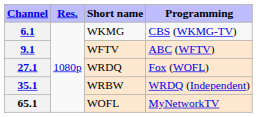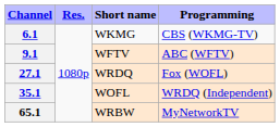 <table class="wikitable">
 <tr>
 <th style="background-color: #bdbdff" scope = "col"><a href='#'>Channel</a></th>
 <th style="background-color: #bdbdff" scope = "col"><a href='#'>Res.</a></th>
 <th style="background-color: #bdbdff" scope = "col">Short name</th>
 <th style="background-color: #bdbdff" scope = "col">Programming</th>
 </tr>
 <tr>
 <th scope = "row"><a href='#'>6.1</a></th>
 <td rowspan=5><a href='#'>1080p</a></td>
 <td>WKMG</td>
 <td><a href='#'>CBS</a> (<a href='#'>WKMG-TV</a>)</td>
 </tr>
 <tr>
 <th scope = "row"><a href='#'>9.1</a></th>
 <td style="background-color:#ffe8d0">WFTV</td>
 <td style="background-color:#ffe8d0"><a href='#'>ABC</a> (<a href='#'>WFTV</a>) </td>
 </tr>
 <tr>
 <th scope = "row"><a href='#'>27.1</a></th>
 <td style="background-color:#ffe8d0">WRDQ</td>
 <td style="background-color:#ffe8d0"><a href='#'>Fox</a> (<a href='#'>WOFL</a>) </td>
 </tr>
 <tr>
 <th scope = "row"><a href='#'>35.1</a></th>
-<td style="background-color:#ffe8d0">WRBW</td>
+<td style="background-color:#ffe8d0">WOFL</td>
 <td style="background-color:#ffe8d0"><a href='#'>WRDQ</a> (<a href='#'>Independent</a>) </td>
 </tr>
 <tr>
 <th scope = "row">65.1</th>
-<td style="background-color:#ffe8d0">WOFL</td>
+<td style="background-color:#ffe8d0">WRBW</td>
 <td style="background-color:#ffe8d0"><a href='#'>MyNetworkTV</a> </td>
 </tr>
 </table>
